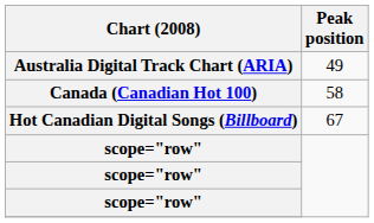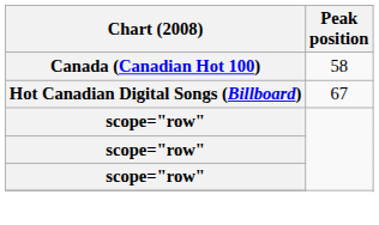 <table class="wikitable sortable plainrowheaders">
 <tr>
 <th>Chart (2008)</th>
 <th>Peak<br>position</th>
-</tr>
-<tr>
-<th scope="row">Australia Digital Track Chart (<a href='#'>ARIA</a>)</th>
-<td style="text-align:center;">49</td>
 </tr>
 <tr>
 <th scope="row">Canada (<a href='#'>Canadian Hot 100</a>)</th>
 <td style="text-align:center;">58</td>
 </tr>
 <tr>
 <th scope="row">Hot Canadian Digital Songs (<em><a href='#'>Billboard</a></em>)</th>
 <td style="text-align:center;">67</td>
 </tr>
 <tr>
 <th>scope="row" </th>
 </tr>
 <tr>
 <th>scope="row" </th>
 </tr>
 <tr>
 <th>scope="row" </th>
 </tr>
 <tr>
 </tr>
 </table>
